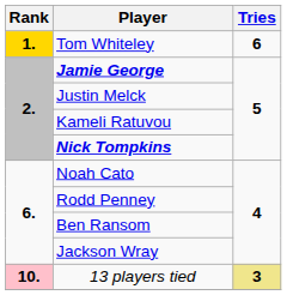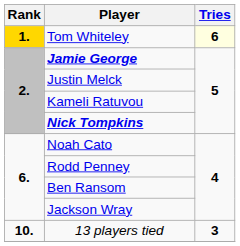 <table class="wikitable sticky-header">
 <tr>
 <th width=35>Rank</th>
 <th width=170>Player</th>
 <th width=40><a href='#'>Tries</a></th>
 </tr>
 <tr>
 <td align=center bgcolor=Gold><strong>1.</strong></td>
 <td> <a href='#'>Tom Whiteley</a></td>
-<td align=center><strong>6</strong></td>
+<td align=center style="background: lightyellow;"><strong>6</strong></td>
 </tr>
 <tr>
 <td rowspan=4 align=center bgcolor=Silver><strong>2.</strong></td>
 <td> <strong><em><a href='#'>Jamie George</a></em></strong></td>
 <td rowspan=4 align=center><strong>5</strong></td>
 </tr>
 <tr>
 <td> <a href='#'>Justin Melck</a></td>
 </tr>
 <tr>
 <td> <a href='#'>Kameli Ratuvou</a></td>
 </tr>
 <tr>
 <td> <strong><em><a href='#'>Nick Tompkins</a></em></strong></td>
 </tr>
 <tr>
 <td rowspan=4 align=center><strong>6.</strong></td>
 <td> <a href='#'>Noah Cato</a></td>
 <td rowspan=4 align=center><strong>4</strong></td>
 </tr>
 <tr>
 <td> <a href='#'>Rodd Penney</a></td>
 </tr>
 <tr>
 <td> <a href='#'>Ben Ransom</a></td>
 </tr>
 <tr>
 <td> <a href='#'>Jackson Wray</a></td>
 </tr>
 <tr>
-<td align=center style="background: pink;"><strong>10.</strong></td>
+<td align=center><strong>10.</strong></td>
 <td align=center><em>13 players tied</em></td>
-<td align=center style="background: khaki;"><strong>3</strong></td>
+<td align=center><strong>3</strong></td>
 </tr>
 <tr>
 </tr>
 </table>
